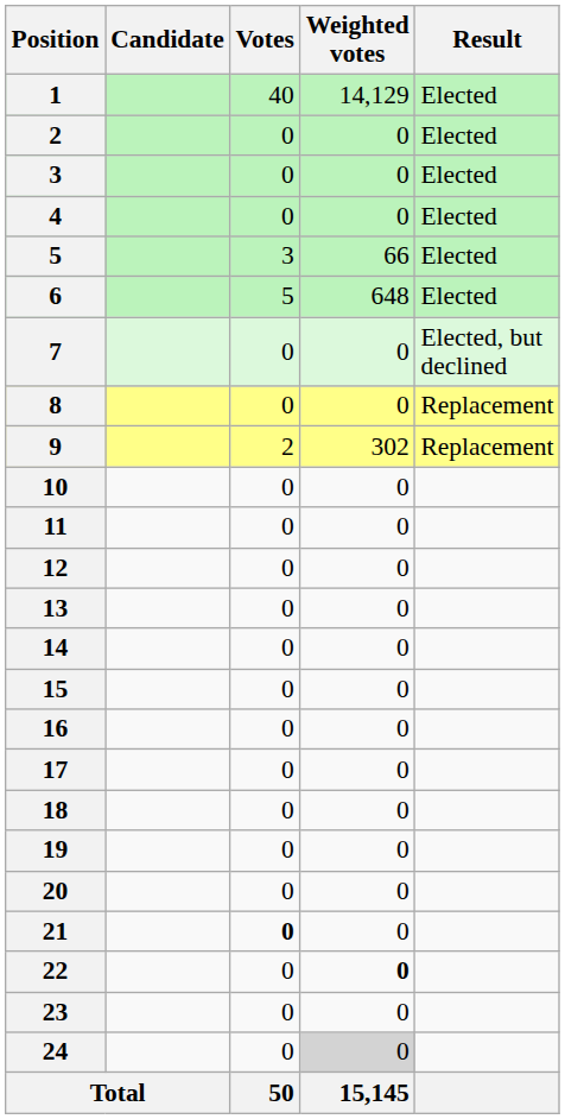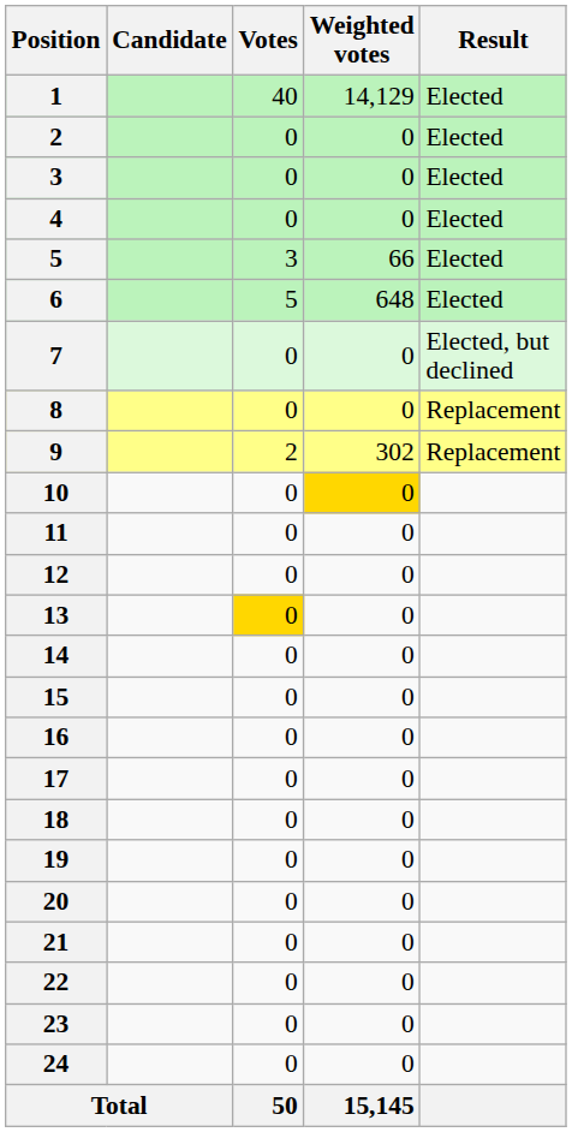 <table class="wikitable sortable">
 <tr>
 <th scope="col">Position</th>
 <th scope="col">Candidate</th>
 <th scope="col">Votes</th>
 <th scope="col">Weighted<br>votes</th>
 <th scope="col">Result</th>
 </tr>
 <tr bgcolor=bbf3bb>
 <th scope="row">1</th>
 <td></td>
 <td style="text-align:right">40</td>
 <td style="text-align:right">14,129</td>
 <td>Elected</td>
 </tr>
 <tr bgcolor=bbf3bb>
 <th scope="row">2</th>
 <td></td>
 <td style="text-align:right">0</td>
 <td style="text-align:right">0</td>
 <td>Elected</td>
 </tr>
 <tr bgcolor=bbf3bb>
 <th scope="row">3</th>
 <td></td>
 <td style="text-align:right">0</td>
 <td style="text-align:right">0</td>
 <td>Elected</td>
 </tr>
 <tr bgcolor=bbf3bb>
 <th scope="row">4</th>
 <td></td>
 <td style="text-align:right">0</td>
 <td style="text-align:right">0</td>
 <td>Elected</td>
 </tr>
 <tr bgcolor=bbf3bb>
 <th scope="row">5</th>
 <td></td>
 <td style="text-align:right">3</td>
 <td style="text-align:right">66</td>
 <td>Elected</td>
 </tr>
 <tr bgcolor=bbf3bb>
 <th scope="row">6</th>
 <td></td>
 <td style="text-align:right">5</td>
 <td style="text-align:right">648</td>
 <td>Elected</td>
 </tr>
 <tr bgcolor=dcf9dc>
 <th scope="row">7</th>
 <td></td>
 <td style="text-align:right">0</td>
 <td style="text-align:right">0</td>
 <td>Elected, but<br>declined</td>
 </tr>
 <tr bgcolor=#FF8>
 <th scope="row">8</th>
 <td></td>
 <td style="text-align:right">0</td>
 <td style="text-align:right">0</td>
 <td>Replacement</td>
 </tr>
 <tr bgcolor=#FF8>
 <th scope="row">9</th>
 <td></td>
 <td style="text-align:right">2</td>
 <td style="text-align:right">302</td>
 <td>Replacement</td>
 </tr>
 <tr>
 <th scope="row">10</th>
 <td></td>
 <td style="text-align:right">0</td>
-<td style="text-align:right">0</td>
+<td style="background: gold; text-align:right">0</td>
 <td></td>
 </tr>
 <tr>
 <th scope="row">11</th>
 <td></td>
 <td style="text-align:right">0</td>
 <td style="text-align:right">0</td>
 <td></td>
 </tr>
 <tr>
 <th scope="row">12</th>
 <td></td>
 <td style="text-align:right">0</td>
 <td style="text-align:right">0</td>
 <td></td>
 </tr>
 <tr>
 <th scope="row">13</th>
 <td></td>
-<td style="text-align:right">0</td>
+<td style="background: gold; text-align:right">0</td>
 <td style="text-align:right">0</td>
 <td></td>
 </tr>
 <tr>
 <th scope="row">14</th>
 <td></td>
 <td style="text-align:right">0</td>
 <td style="text-align:right">0</td>
 <td></td>
 </tr>
 <tr>
 <th scope="row">15</th>
 <td></td>
 <td style="text-align:right">0</td>
 <td style="text-align:right">0</td>
 <td></td>
 </tr>
 <tr>
 <th scope="row">16</th>
 <td></td>
 <td style="text-align:right">0</td>
 <td style="text-align:right">0</td>
 <td></td>
 </tr>
 <tr>
 <th scope="row">17</th>
 <td></td>
 <td style="text-align:right">0</td>
 <td style="text-align:right">0</td>
 <td></td>
 </tr>
 <tr>
 <th scope="row">18</th>
 <td></td>
 <td style="text-align:right">0</td>
 <td style="text-align:right">0</td>
 <td></td>
 </tr>
 <tr>
 <th scope="row">19</th>
 <td></td>
 <td style="text-align:right">0</td>
 <td style="text-align:right">0</td>
 <td></td>
 </tr>
 <tr>
 <th scope="row">20</th>
 <td></td>
 <td style="text-align:right">0</td>
 <td style="text-align:right">0</td>
 <td></td>
 </tr>
 <tr>
 <th scope="row">21</th>
 <td></td>
-<td style="text-align:right"><strong>0</strong></td>
+<td style="text-align:right">0</td>
 <td style="text-align:right">0</td>
 <td></td>
 </tr>
 <tr>
 <th scope="row">22</th>
 <td></td>
 <td style="text-align:right">0</td>
-<td style="text-align:right"><strong>0</strong></td>
+<td style="text-align:right">0</td>
 <td></td>
 </tr>
 <tr>
 <th scope="row">23</th>
 <td></td>
 <td style="text-align:right">0</td>
 <td style="text-align:right">0</td>
 <td></td>
 </tr>
 <tr>
 <th scope="row">24</th>
 <td></td>
 <td style="text-align:right">0</td>
-<td style="background: lightgrey; text-align:right">0</td>
+<td style="text-align:right">0</td>
 <td></td>
 </tr>
 <tr class="sortbottom">
 <th scope="row" colspan="2">Total</th>
 <th style="text-align:right">50</th>
 <th style="text-align:right">15,145</th>
 <th></th>
 </tr>
 </table>
